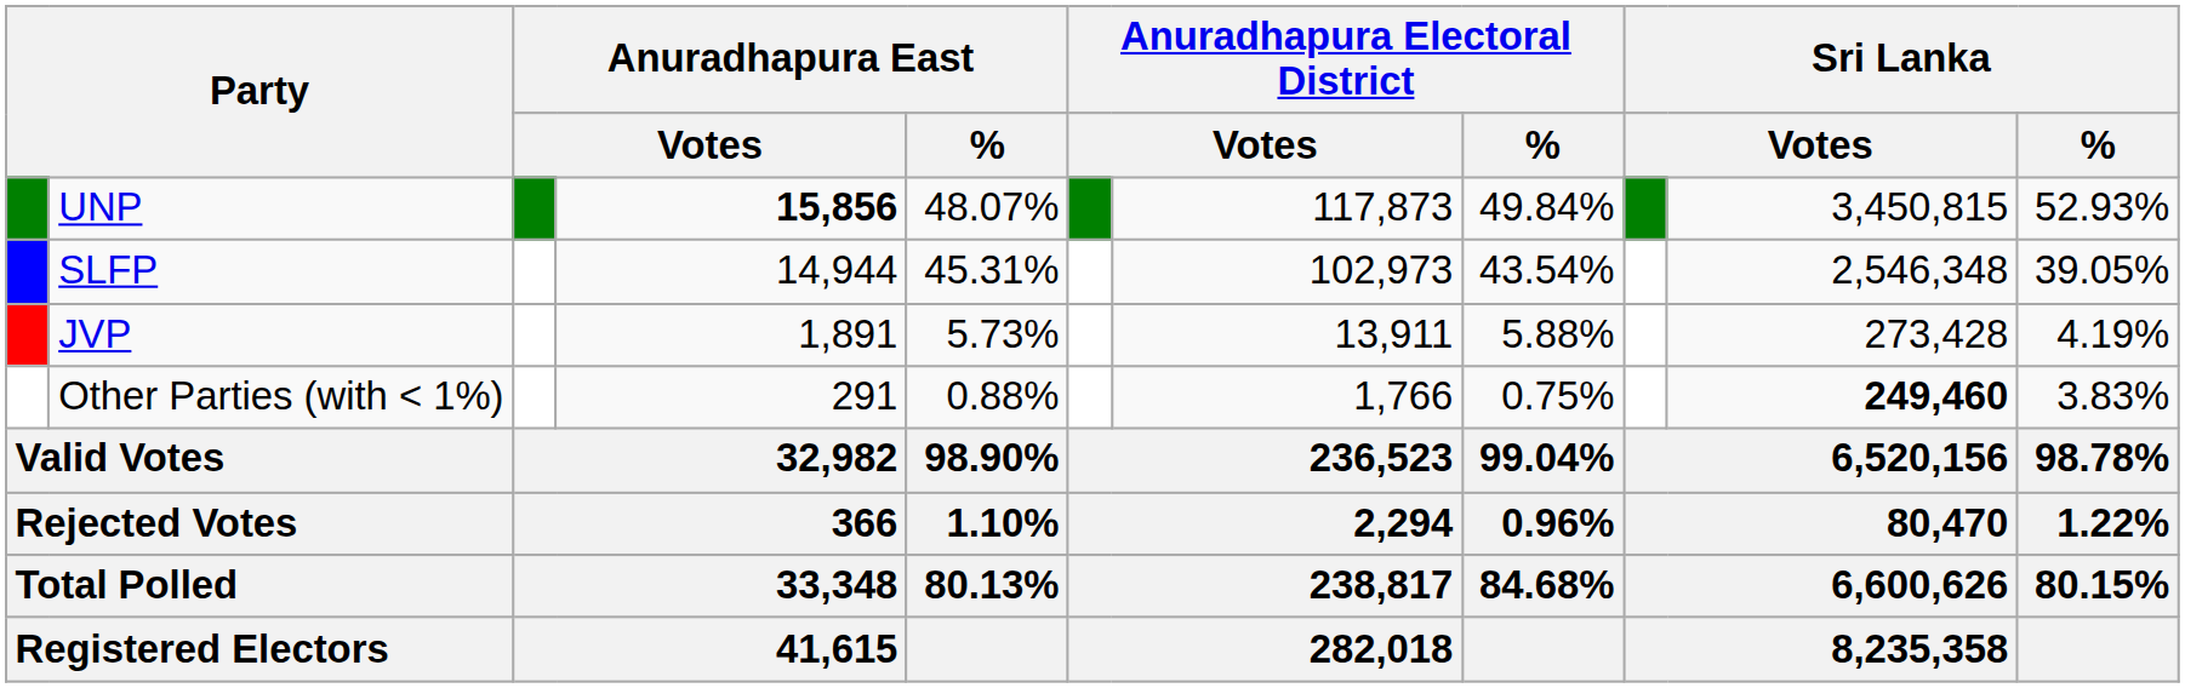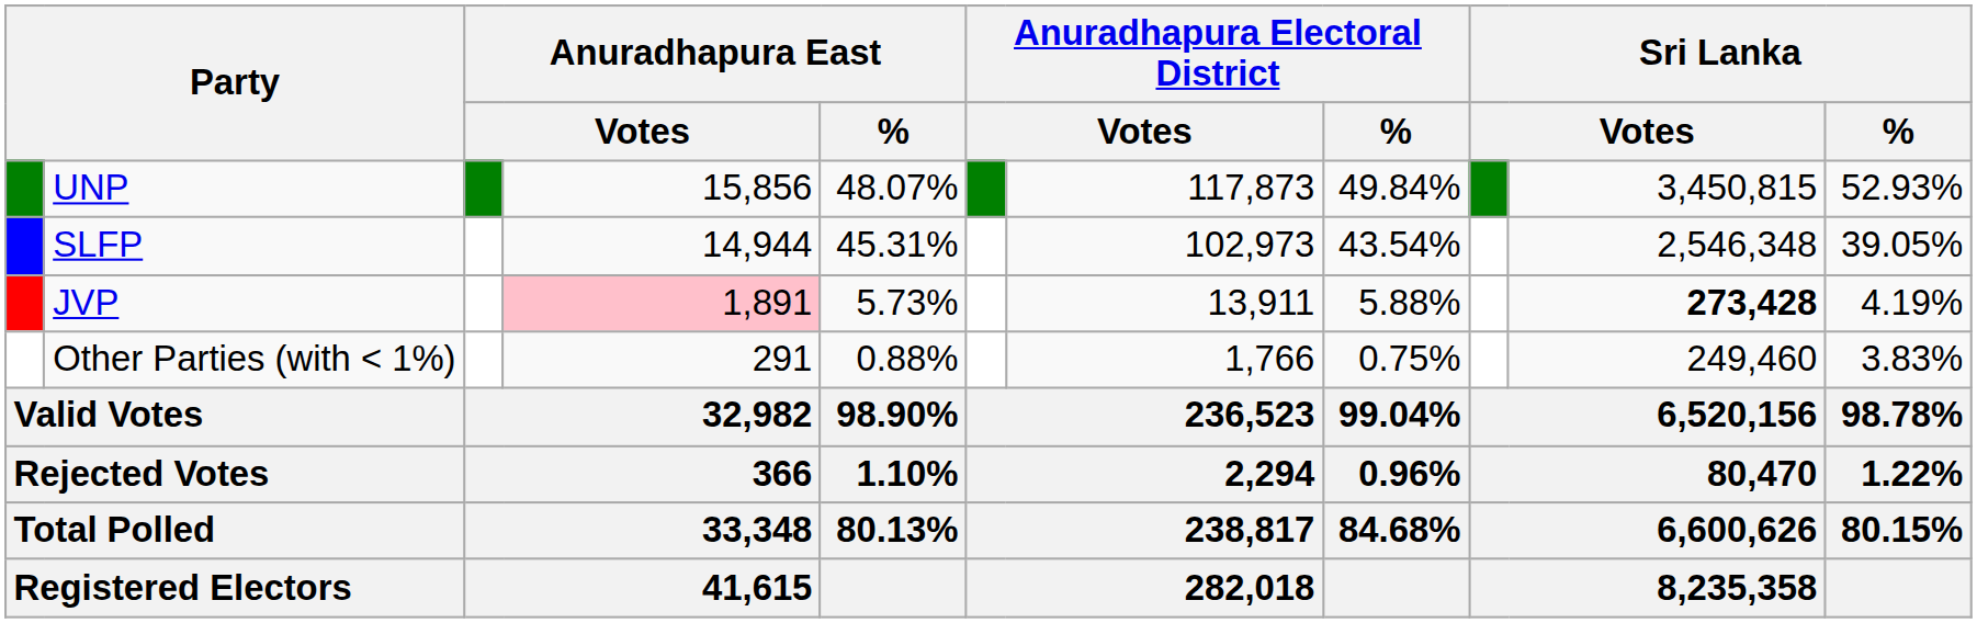 <table class="wikitable">
 <tr>
 <th colspan="2" width="144px"rowspan="2">Party</th>
 <th colspan="3" width="216px">Anuradhapura East</th>
 <th colspan="3" width="216px"><a href='#'>Anuradhapura Electoral District</a></th>
 <th colspan="3" width="216px">Sri Lanka</th>
 </tr>
 <tr>
 <th colspan="2" width="144px">Votes</th>
 <th>%</th>
 <th colspan="2" width="144px">Votes</th>
 <th>%</th>
 <th colspan="2" width="144px">Votes</th>
 <th>%</th>
 </tr>
 <tr>
 <td style="background-color:green;" width="10px"></td>
 <td style="text-align:left;"><a href='#'>UNP</a></td>
 <td style="background-color:green;" width="10px"></td>
-<td style="text-align:right;"><strong>15,856</strong></td>
+<td style="text-align:right;">15,856</td>
 <td style="text-align:right;">48.07%</td>
 <td style="background-color:green;" width="10px"></td>
 <td style="text-align:right;">117,873</td>
 <td style="text-align:right;">49.84%</td>
 <td style="background-color:green;" width="10px"></td>
 <td style="text-align:right;">3,450,815</td>
 <td style="text-align:right;">52.93%</td>
 </tr>
 <tr>
 <td style="background-color:blue;" width="10px"></td>
 <td style="text-align:left;"><a href='#'>SLFP</a></td>
 <td style="background-color:white;" width="10px"></td>
 <td style="text-align:right;">14,944</td>
 <td style="text-align:right;">45.31%</td>
 <td style="background-color:white;" width="10px"></td>
 <td style="text-align:right;">102,973</td>
 <td style="text-align:right;">43.54%</td>
 <td style="background-color:white;" width="10px"></td>
 <td style="text-align:right;">2,546,348</td>
 <td style="text-align:right;">39.05%</td>
 </tr>
 <tr>
 <td style="background-color:red;" width="10px"></td>
 <td style="text-align:left;"><a href='#'>JVP</a></td>
 <td style="background-color:white;" width="10px"></td>
-<td style="text-align:right;">1,891</td>
+<td style="background: pink; text-align:right;">1,891</td>
 <td style="text-align:right;">5.73%</td>
 <td style="background-color:white;" width="10px"></td>
 <td style="text-align:right;">13,911</td>
 <td style="text-align:right;">5.88%</td>
 <td style="background-color:white;" width="10px"></td>
-<td style="text-align:right;">273,428</td>
+<td style="text-align:right;"><strong>273,428</strong></td>
 <td style="text-align:right;">4.19%</td>
 </tr>
 <tr>
 <td style="background-color:white;" width="10px"></td>
 <td style="text-align:left;">Other Parties (with < 1%)</td>
 <td style="background-color:white;" width="10px"></td>
 <td style="text-align:right;">291</td>
 <td style="text-align:right;">0.88%</td>
 <td style="background-color:white;" width="10px"></td>
 <td style="text-align:right;">1,766</td>
 <td style="text-align:right;">0.75%</td>
 <td style="background-color:white;" width="10px"></td>
-<td style="text-align:right;"><strong>249,460</strong></td>
+<td style="text-align:right;">249,460</td>
 <td style="text-align:right;">3.83%</td>
 </tr>
 <tr>
 <th colspan="2" width="144px"style="text-align:left;">Valid Votes</th>
 <th style="text-align:right;"colspan="2" width="144px">32,982</th>
 <th style="text-align:right;">98.90%</th>
 <th style="text-align:right;"colspan="2" width="144px">236,523</th>
 <th style="text-align:right;">99.04%</th>
 <th style="text-align:right;"colspan="2" width="144px">6,520,156</th>
 <th style="text-align:right;">98.78%</th>
 </tr>
 <tr>
 <th colspan="2" width="144px"style="text-align:left;">Rejected Votes</th>
 <th style="text-align:right;"colspan="2" width="144px">366</th>
 <th style="text-align:right;">1.10%</th>
 <th style="text-align:right;"colspan="2" width="144px">2,294</th>
 <th style="text-align:right;">0.96%</th>
 <th style="text-align:right;"colspan="2" width="144px">80,470</th>
 <th style="text-align:right;">1.22%</th>
 </tr>
 <tr>
 <th colspan="2" width="144px"style="text-align:left;">Total Polled</th>
 <th style="text-align:right;"colspan="2" width="144px">33,348</th>
 <th style="text-align:right;">80.13%</th>
 <th style="text-align:right;"colspan="2" width="144px">238,817</th>
 <th style="text-align:right;">84.68%</th>
 <th style="text-align:right;"colspan="2" width="144px">6,600,626</th>
 <th style="text-align:right;">80.15%</th>
 </tr>
 <tr>
 <th colspan="2" width="144px"style="text-align:left;">Registered Electors</th>
 <th style="text-align:right;"colspan="2" width="144px">41,615</th>
 <th></th>
 <th style="text-align:right;"colspan="2" width="144px">282,018</th>
 <th></th>
 <th style="text-align:right;"colspan="2" width="144px">8,235,358</th>
 <th></th>
 </tr>
 </table>
